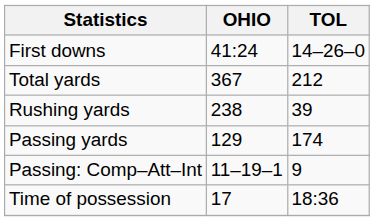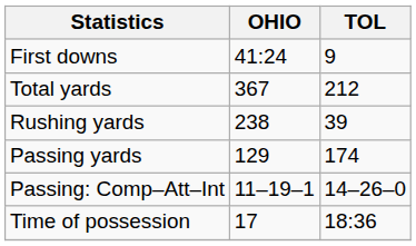 <table class="wikitable" style="float: left;">
 <tr>
 <th>Statistics</th>
 <th>OHIO</th>
 <th>TOL</th>
 </tr>
 <tr>
 <td>First downs</td>
 <td>41:24</td>
-<td>14–26–0</td>
+<td>9</td>
 </tr>
 <tr>
 <td>Total yards</td>
 <td>367</td>
 <td>212</td>
 </tr>
 <tr>
 <td>Rushing yards</td>
 <td>238</td>
 <td>39</td>
 </tr>
 <tr>
 <td>Passing yards</td>
 <td>129</td>
 <td>174</td>
 </tr>
 <tr>
 <td>Passing: Comp–Att–Int</td>
 <td>11–19–1</td>
-<td>9</td>
+<td>14–26–0</td>
 </tr>
 <tr>
 <td>Time of possession</td>
 <td>17</td>
 <td>18:36</td>
 </tr>
 <tr>
 </tr>
 </table>
